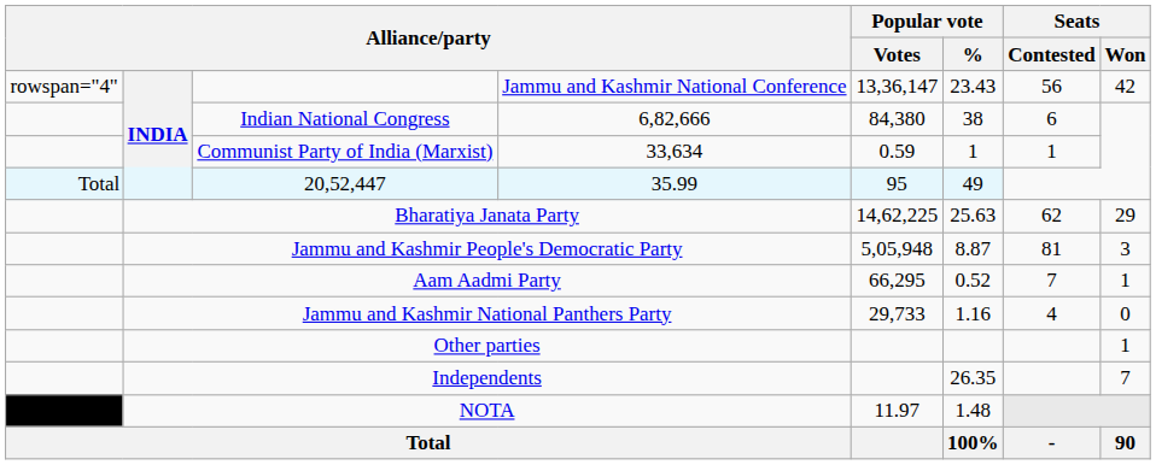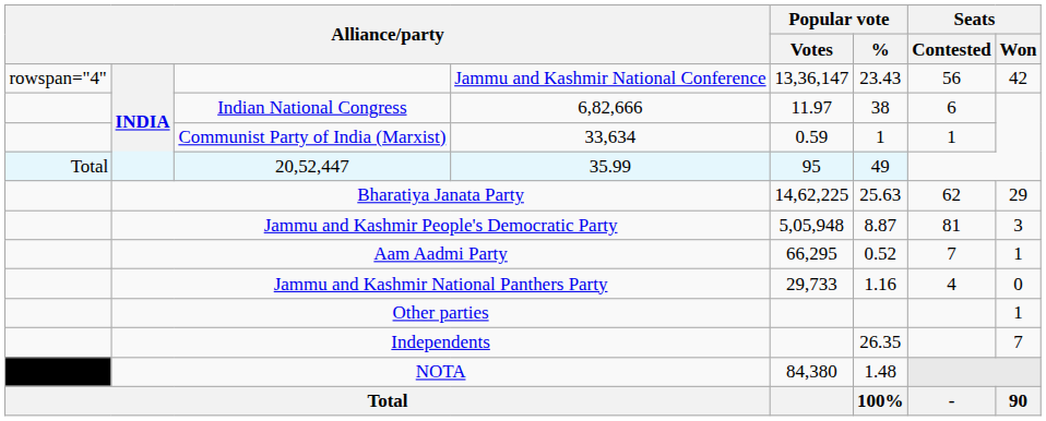 <table class="wikitable sortable">
 <tr>
 <th colspan="4" rowspan="2">Alliance/party</th>
 <th colspan="2">Popular vote</th>
 <th colspan="2">Seats</th>
 </tr>
 <tr>
 <th>Votes</th>
 <th>%</th>
 <th>Contested</th>
 <th>Won</th>
 </tr>
 <tr>
 <td>rowspan="4" </td>
 <th rowspan="4"><a href='#'>INDIA</a></th>
 <td></td>
 <td style="text-align:center;"><a href='#'>Jammu and Kashmir National Conference</a></td>
 <td style="text-align:center;">13,36,147</td>
 <td style="text-align:center;">23.43</td>
 <td style="text-align:center;">56</td>
 <td style="text-align:center;">42</td>
 </tr>
 <tr>
 <td></td>
 <td style="text-align:center;"><a href='#'>Indian National Congress</a></td>
 <td style="text-align:center;">6,82,666</td>
-<td style="text-align:center;">84,380</td>
+<td style="text-align:center;">11.97</td>
 <td style="text-align:center;">38</td>
 <td style="text-align:center;">6</td>
 </tr>
 <tr>
 <td></td>
 <td style="text-align:center;"><a href='#'>Communist Party of India (Marxist)</a></td>
 <td style="text-align:center;">33,634</td>
 <td style="text-align:center;">0.59</td>
 <td style="text-align:center;">1</td>
 <td style="text-align:center;">1</td>
 </tr>
 <tr>
 <td colspan="2"style="text-align:center;background:#e5f7fd">Total</td>
 <td style="text-align:center;background:#e5f7fd">20,52,447</td>
 <td style="text-align:center;background:#e5f7fd">35.99</td>
 <td style="text-align:center;background:#e5f7fd">95</td>
 <td style="text-align:center;background:#e5f7fd">49</td>
 </tr>
 <tr>
 <td></td>
 <td colspan="3"style="text-align:center;"><a href='#'>Bharatiya Janata Party</a></td>
 <td style="text-align:center;">14,62,225</td>
 <td style="text-align:center;">25.63</td>
 <td style="text-align:center;">62</td>
 <td style="text-align:center;">29</td>
 </tr>
 <tr>
 <td></td>
 <td colspan="3"style="text-align:center;"><a href='#'>Jammu and Kashmir People's Democratic Party</a></td>
 <td style="text-align:center;">5,05,948</td>
 <td style="text-align:center;">8.87</td>
 <td style="text-align:center;">81</td>
 <td style="text-align:center;">3</td>
 </tr>
 <tr>
 <td></td>
 <td colspan="3"style="text-align:center;"><a href='#'>Aam Aadmi Party</a></td>
 <td style="text-align:center;">66,295</td>
 <td style="text-align:center;">0.52</td>
 <td style="text-align:center;">7</td>
 <td style="text-align:center;">1</td>
 </tr>
 <tr>
 <td></td>
 <td colspan="3"style="text-align:center;"><a href='#'>Jammu and Kashmir National Panthers Party</a></td>
 <td style="text-align:center;">29,733</td>
 <td style="text-align:center;">1.16</td>
 <td style="text-align:center;">4</td>
 <td style="text-align:center;">0</td>
 </tr>
 <tr>
 <td></td>
 <td colspan="3"style="text-align:center;"><a href='#'>Other parties</a></td>
 <td style="text-align:center;"></td>
 <td style="text-align:center;"></td>
 <td style="text-align:center;"></td>
 <td style="text-align:center;">1</td>
 </tr>
 <tr>
 <td></td>
 <td colspan="3"style="text-align:center;"><a href='#'>Independents</a></td>
 <td style="text-align:center;"></td>
 <td style="text-align:center;">26.35</td>
 <td style="text-align:center;"></td>
 <td style="text-align:center;">7</td>
 </tr>
 <tr>
 <td bgcolor="Black"></td>
 <td colspan="3"style="text-align:center;"><a href='#'>NOTA</a></td>
-<td style="text-align:center;">11.97</td>
+<td style="text-align:center;">84,380</td>
 <td style="text-align:center;">1.48</td>
 <th colspan="2" style="background-color:#E9E9E9"></th>
 </tr>
 <tr>
 <th colspan="4"style="text-align:center;">Total</th>
 <th></th>
 <th>100%</th>
 <th>-</th>
 <th>90</th>
 </tr>
 </table>
